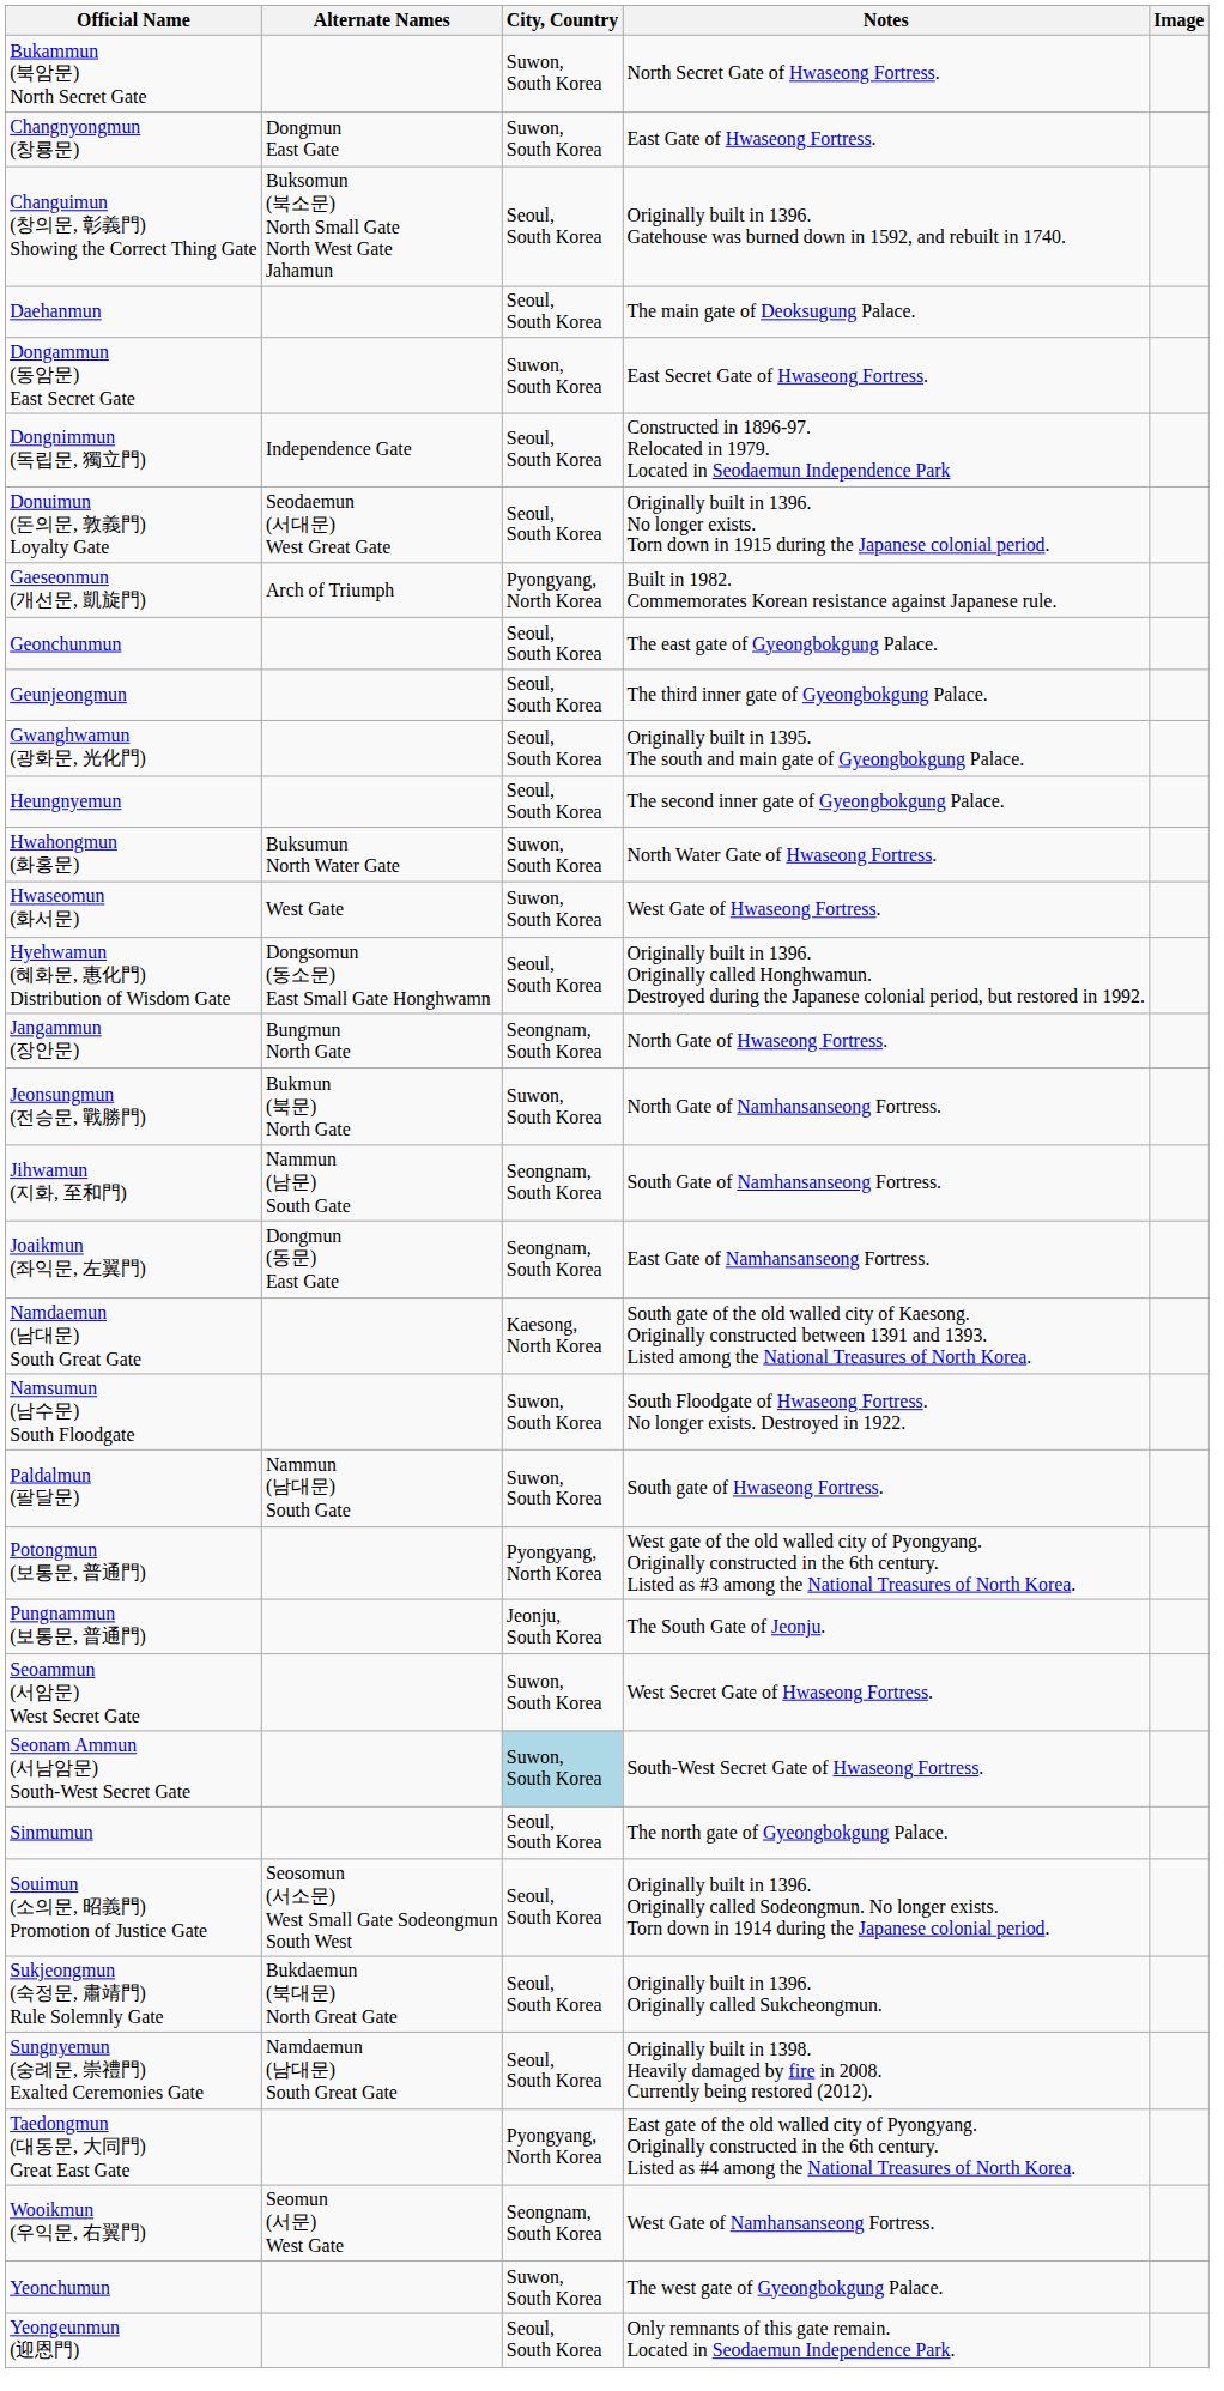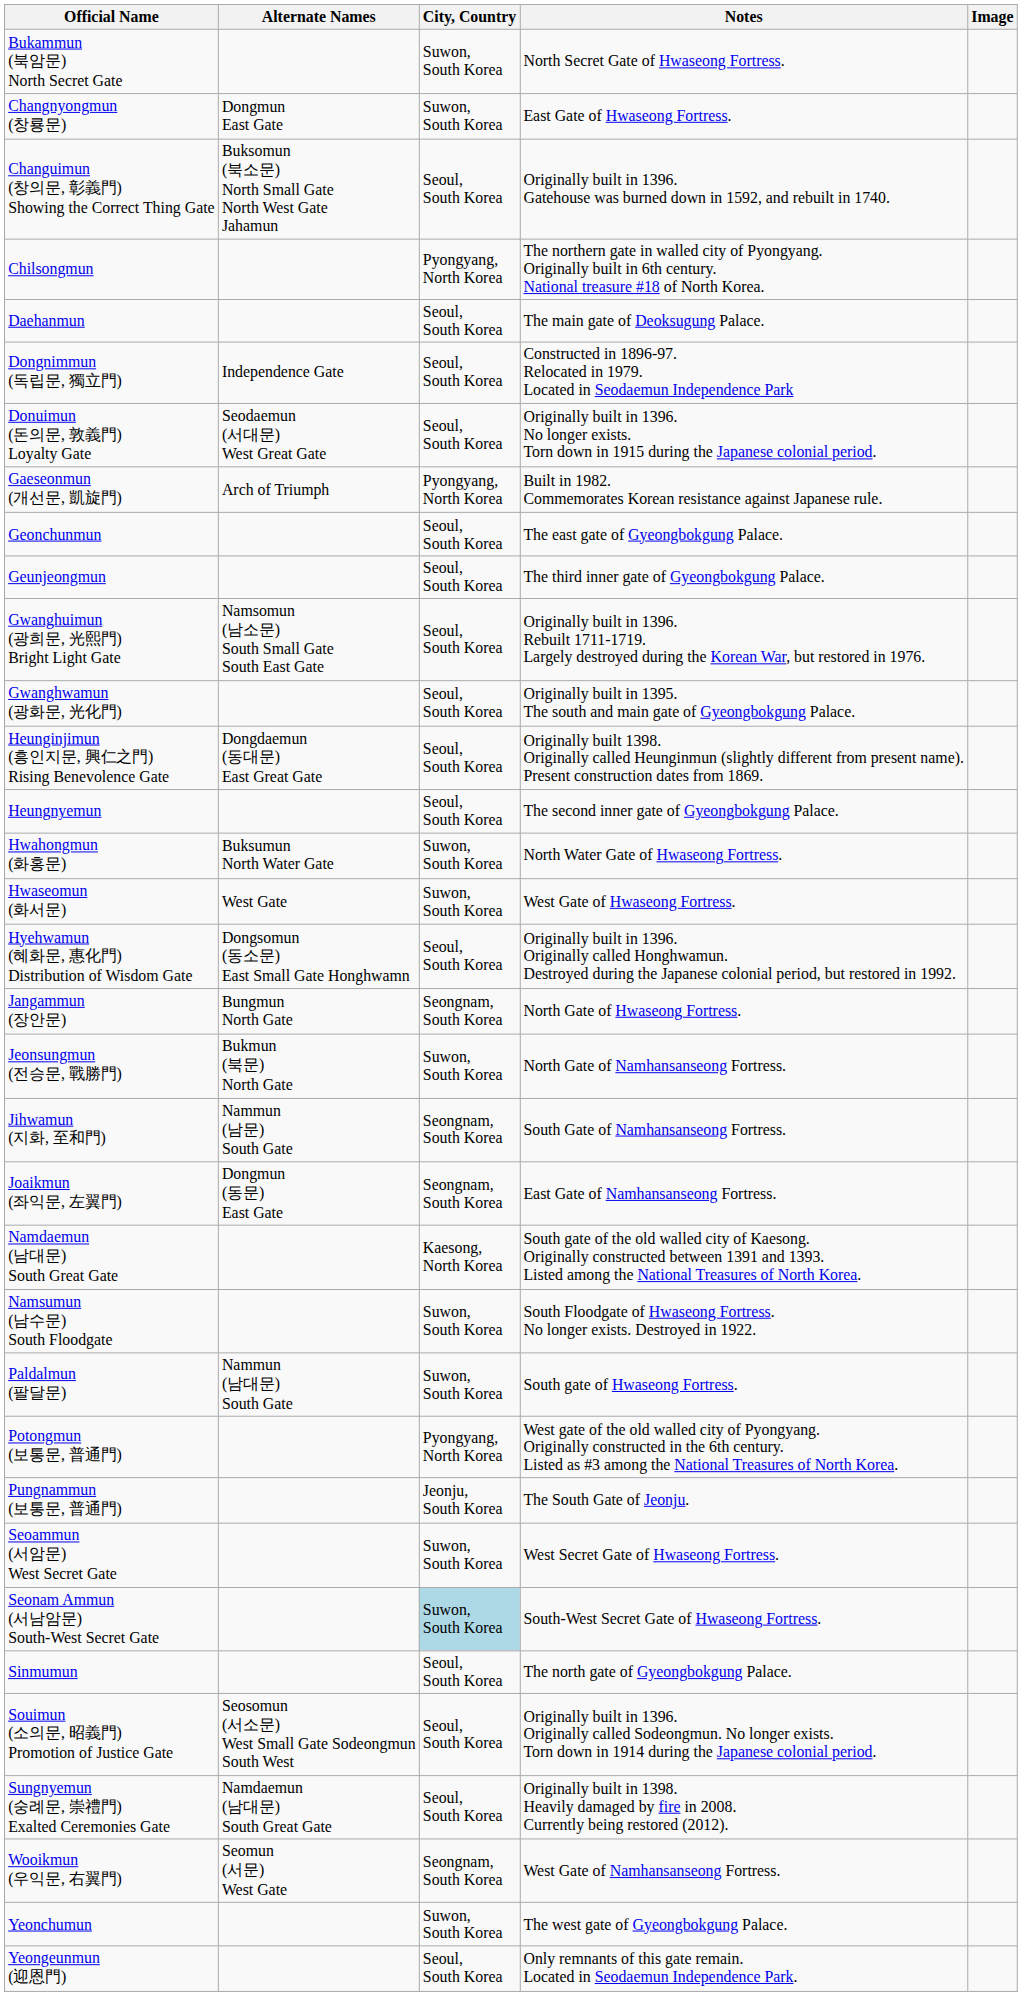 <table class="wikitable">
 <tr>
 <th>Official Name</th>
 <th>Alternate Names</th>
 <th>City, Country</th>
 <th>Notes</th>
 <th>Image</th>
 </tr>
 <tr>
 <td><a href='#'>Bukammun</a><br>(북암문)<br>North Secret Gate</td>
 <td></td>
 <td>Suwon,<br>South Korea</td>
 <td>North Secret Gate of <a href='#'>Hwaseong Fortress</a>.</td>
 <td></td>
 </tr>
 <tr>
 <td><a href='#'>Changnyongmun</a><br>(창룡문)</td>
 <td>Dongmun<br>East Gate</td>
 <td>Suwon,<br>South Korea</td>
 <td>East Gate of <a href='#'>Hwaseong Fortress</a>.</td>
 <td></td>
 </tr>
 <tr>
 <td><a href='#'>Changuimun</a><br>(창의문, 彰義門)<br>Showing the Correct Thing Gate</td>
 <td>Buksomun<br>(북소문)<br>North Small Gate<br>North West Gate<br>Jahamun</td>
 <td>Seoul,<br>South Korea</td>
 <td>Originally built in 1396.<br>Gatehouse was burned down in 1592, and rebuilt in 1740.</td>
 <td></td>
 </tr>
 <tr>
+<td><a href='#'>Chilsongmun</a></td>
+<td></td>
+<td>Pyongyang,<br>North Korea</td>
+<td>The northern gate in walled city of Pyongyang.<br>Originally built in 6th century.<br><a href='#'>National treasure #18</a> of North Korea.</td>
+<td></td>
+</tr>
+<tr>
 <td><a href='#'>Daehanmun</a></td>
 <td></td>
 <td>Seoul,<br>South Korea</td>
 <td>The main gate of <a href='#'>Deoksugung</a> Palace.</td>
-<td></td>
-</tr>
-<tr>
-<td><a href='#'>Dongammun</a><br>(동암문)<br>East Secret Gate</td>
-<td></td>
-<td>Suwon,<br>South Korea</td>
-<td>East Secret Gate of <a href='#'>Hwaseong Fortress</a>.</td>
 <td></td>
 </tr>
 <tr>
 <td><a href='#'>Dongnimmun</a><br>(독립문, 獨立門)</td>
 <td>Independence Gate</td>
 <td>Seoul,<br>South Korea</td>
 <td>Constructed in 1896-97.<br>Relocated in 1979.<br>Located in <a href='#'>Seodaemun Independence Park</a></td>
 <td></td>
 </tr>
 <tr>
 <td><a href='#'>Donuimun</a><br>(돈의문, 敦義門)<br>Loyalty Gate</td>
 <td>Seodaemun<br>(서대문)<br>West Great Gate</td>
 <td>Seoul,<br>South Korea</td>
 <td>Originally built in 1396.<br>No longer exists.<br>Torn down in 1915 during the <a href='#'>Japanese colonial period</a>.</td>
 <td></td>
 </tr>
 <tr>
 <td><a href='#'>Gaeseonmun</a><br>(개선문, 凱旋門)</td>
 <td>Arch of Triumph</td>
 <td>Pyongyang,<br>North Korea</td>
 <td>Built in 1982.<br>Commemorates Korean resistance against Japanese rule.</td>
 <td></td>
 </tr>
 <tr>
 <td><a href='#'>Geonchunmun</a></td>
 <td></td>
 <td>Seoul,<br>South Korea</td>
 <td>The east gate of <a href='#'>Gyeongbokgung</a> Palace.</td>
 <td></td>
 </tr>
 <tr>
 <td><a href='#'>Geunjeongmun</a></td>
 <td></td>
 <td>Seoul,<br>South Korea</td>
 <td>The third inner gate of <a href='#'>Gyeongbokgung</a> Palace.</td>
 </tr>
 <tr>
+<td><a href='#'>Gwanghuimun</a><br>(광희문, 光熙門)<br>Bright Light Gate</td>
+<td>Namsomun<br>(남소문)<br>South Small Gate<br>South East Gate</td>
+<td>Seoul,<br>South Korea</td>
+<td>Originally built in 1396.<br>Rebuilt 1711-1719.<br>Largely destroyed during the <a href='#'>Korean War</a>, but restored in 1976.</td>
+<td></td>
+</tr>
+<tr>
 <td><a href='#'>Gwanghwamun</a><br>(광화문, 光化門)</td>
 <td></td>
 <td>Seoul,<br>South Korea</td>
 <td>Originally built in 1395.<br>The south and main gate of <a href='#'>Gyeongbokgung</a> Palace.</td>
+<td></td>
+</tr>
+<tr>
+<td><a href='#'>Heunginjimun</a><br>(흥인지문, 興仁之門)<br>Rising Benevolence Gate</td>
+<td>Dongdaemun<br>(동대문)<br>East Great Gate</td>
+<td>Seoul,<br>South Korea</td>
+<td>Originally built 1398.<br>Originally called Heunginmun (slightly different from present name).<br>Present construction dates from 1869.</td>
 <td></td>
 </tr>
 <tr>
 <td><a href='#'>Heungnyemun</a></td>
 <td></td>
 <td>Seoul,<br>South Korea</td>
 <td>The second inner gate of <a href='#'>Gyeongbokgung</a> Palace.</td>
 </tr>
 <tr>
 <td><a href='#'>Hwahongmun</a><br>(화홍문)</td>
 <td>Buksumun<br>North Water Gate</td>
 <td>Suwon,<br>South Korea</td>
 <td>North Water Gate of <a href='#'>Hwaseong Fortress</a>.</td>
 <td></td>
 </tr>
 <tr>
 <td><a href='#'>Hwaseomun</a><br>(화서문)</td>
 <td>West Gate</td>
 <td>Suwon,<br>South Korea</td>
 <td>West Gate of <a href='#'>Hwaseong Fortress</a>.</td>
 <td></td>
 </tr>
 <tr>
 <td><a href='#'>Hyehwamun</a><br>(혜화문, 惠化門)<br>Distribution of Wisdom Gate</td>
 <td>Dongsomun<br>(동소문)<br>East Small Gate Honghwamn</td>
 <td>Seoul,<br>South Korea</td>
 <td>Originally built in 1396.<br>Originally called Honghwamun.<br>Destroyed during the Japanese colonial period, but restored in 1992.</td>
 <td></td>
 </tr>
 <tr>
 <td><a href='#'>Jangammun</a><br>(장안문)</td>
 <td>Bungmun<br>North Gate</td>
 <td>Seongnam,<br>South Korea</td>
 <td>North Gate of <a href='#'>Hwaseong Fortress</a>.</td>
 <td></td>
 </tr>
 <tr>
 <td><a href='#'>Jeonsungmun</a><br>(전승문, 戰勝門)</td>
 <td>Bukmun<br>(북문)<br>North Gate</td>
 <td>Suwon,<br>South Korea</td>
 <td>North Gate of <a href='#'>Namhansanseong</a> Fortress.</td>
 <td></td>
 </tr>
 <tr>
 <td><a href='#'>Jihwamun</a><br>(지화, 至和門)</td>
 <td>Nammun<br>(남문)<br>South Gate</td>
 <td>Seongnam,<br>South Korea</td>
 <td>South Gate of <a href='#'>Namhansanseong</a> Fortress.</td>
 <td></td>
 </tr>
 <tr>
 <td><a href='#'>Joaikmun</a><br>(좌익문, 左翼門)</td>
 <td>Dongmun<br>(동문)<br>East Gate</td>
 <td>Seongnam,<br>South Korea</td>
 <td>East Gate of <a href='#'>Namhansanseong</a> Fortress.</td>
 <td></td>
 </tr>
 <tr>
 <td><a href='#'>Namdaemun</a><br>(남대문)<br>South Great Gate</td>
 <td></td>
 <td>Kaesong,<br>North Korea</td>
 <td>South gate of the old walled city of Kaesong.<br>Originally constructed between 1391 and 1393.<br>Listed among the <a href='#'>National Treasures of North Korea</a>.</td>
 <td></td>
 </tr>
 <tr>
 <td><a href='#'>Namsumun</a><br>(남수문)<br>South Floodgate</td>
 <td></td>
 <td>Suwon,<br>South Korea</td>
 <td>South Floodgate of <a href='#'>Hwaseong Fortress</a>.<br>No longer exists. Destroyed in 1922.</td>
 <td></td>
 </tr>
 <tr>
 <td><a href='#'>Paldalmun</a><br>(팔달문)</td>
 <td>Nammun<br>(남대문)<br>South Gate</td>
 <td>Suwon,<br>South Korea</td>
 <td>South gate of <a href='#'>Hwaseong Fortress</a>.</td>
 <td></td>
 </tr>
 <tr>
 <td><a href='#'>Potongmun</a><br>(보통문, 普通門)</td>
 <td></td>
 <td>Pyongyang,<br>North Korea</td>
 <td>West gate of the old walled city of Pyongyang.<br>Originally constructed in the 6th century.<br>Listed as #3 among the <a href='#'>National Treasures of North Korea</a>.</td>
 <td></td>
 </tr>
 <tr>
 <td><a href='#'>Pungnammun</a><br>(보통문, 普通門)</td>
 <td></td>
 <td>Jeonju,<br>South Korea</td>
 <td>The South Gate of <a href='#'>Jeonju</a>.</td>
 <td></td>
 </tr>
 <tr>
 <td><a href='#'>Seoammun</a><br>(서암문)<br>West Secret Gate</td>
 <td></td>
 <td>Suwon,<br>South Korea</td>
 <td>West Secret Gate of <a href='#'>Hwaseong Fortress</a>.</td>
 <td></td>
 </tr>
 <tr>
 <td><a href='#'>Seonam Ammun</a><br>(서남암문)<br>South-West Secret Gate</td>
 <td></td>
 <td style="background: lightblue;">Suwon,<br>South Korea</td>
 <td>South-West Secret Gate of <a href='#'>Hwaseong Fortress</a>.</td>
 <td></td>
 </tr>
 <tr>
 <td><a href='#'>Sinmumun</a></td>
 <td></td>
 <td>Seoul,<br>South Korea</td>
 <td>The north gate of <a href='#'>Gyeongbokgung</a> Palace.</td>
 </tr>
 <tr>
 <td><a href='#'>Souimun</a><br>(소의문, 昭義門)<br>Promotion of Justice Gate</td>
 <td>Seosomun<br>(서소문)<br>West Small Gate Sodeongmun<br>South West</td>
 <td>Seoul,<br>South Korea</td>
 <td>Originally built in 1396.<br>Originally called Sodeongmun. No longer exists.<br>Torn down in 1914 during the <a href='#'>Japanese colonial period</a>.</td>
 <td></td>
 </tr>
 <tr>
-<td><a href='#'>Sukjeongmun</a><br>(숙정문, 肅靖門)<br>Rule Solemnly Gate</td>
-<td>Bukdaemun<br>(북대문)<br>North Great Gate</td>
-<td>Seoul,<br>South Korea</td>
-<td>Originally built in 1396.<br>Originally called Sukcheongmun.</td>
-<td></td>
-</tr>
-<tr>
 <td><a href='#'>Sungnyemun</a><br>(숭례문, 崇禮門)<br>Exalted Ceremonies Gate</td>
 <td>Namdaemun<br>(남대문)<br>South Great Gate</td>
 <td>Seoul,<br>South Korea</td>
 <td>Originally built in 1398.<br>Heavily damaged by <a href='#'>fire</a> in 2008.<br>Currently being restored (2012).</td>
-<td></td>
-</tr>
-<tr>
-<td><a href='#'>Taedongmun</a><br>(대동문, 大同門)<br>Great East Gate</td>
-<td></td>
-<td>Pyongyang,<br>North Korea</td>
-<td>East gate of the old walled city of Pyongyang.<br>Originally constructed in the 6th century.<br>Listed as #4 among the <a href='#'>National Treasures of North Korea</a>.</td>
 <td></td>
 </tr>
 <tr>
 <td><a href='#'>Wooikmun</a><br>(우익문, 右翼門)</td>
 <td>Seomun<br>(서문)<br>West Gate</td>
 <td>Seongnam,<br>South Korea</td>
 <td>West Gate of <a href='#'>Namhansanseong</a> Fortress.</td>
 <td></td>
 </tr>
 <tr>
 <td><a href='#'>Yeonchumun</a></td>
 <td></td>
 <td>Suwon,<br>South Korea</td>
 <td>The west gate of <a href='#'>Gyeongbokgung</a> Palace.</td>
 </tr>
 <tr>
 <td><a href='#'>Yeongeunmun</a><br>(迎恩門)</td>
 <td></td>
 <td>Seoul,<br>South Korea</td>
 <td>Only remnants of this gate remain.<br>Located in <a href='#'>Seodaemun Independence Park</a>.</td>
 <td></td>
 </tr>
 </table>
